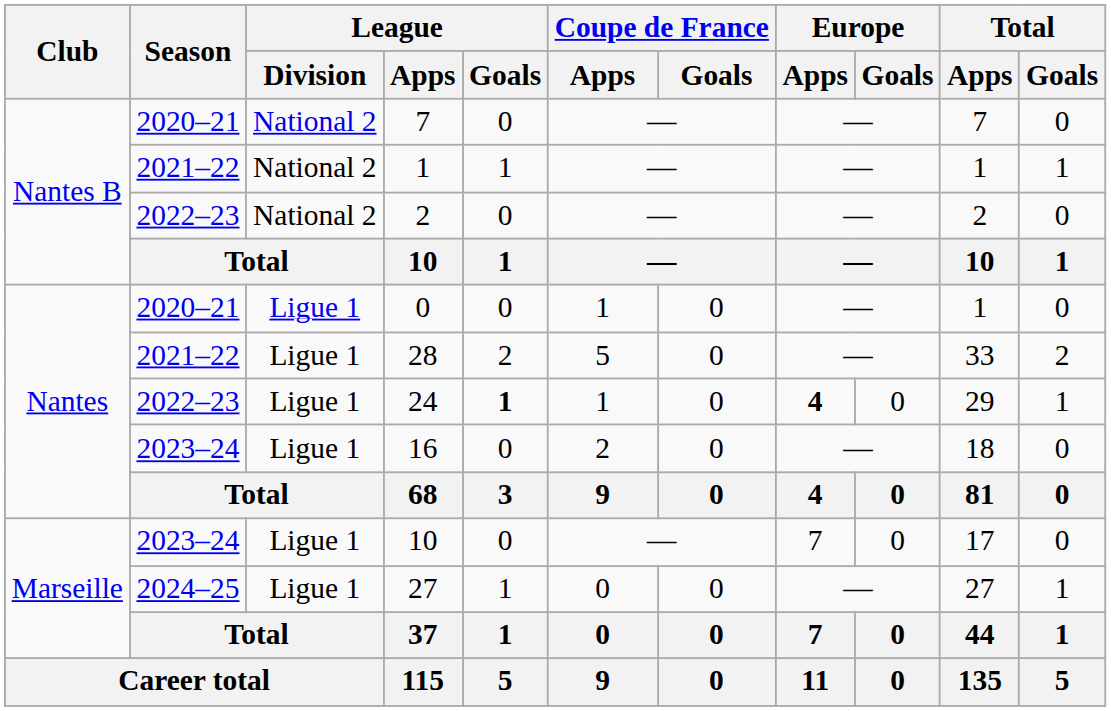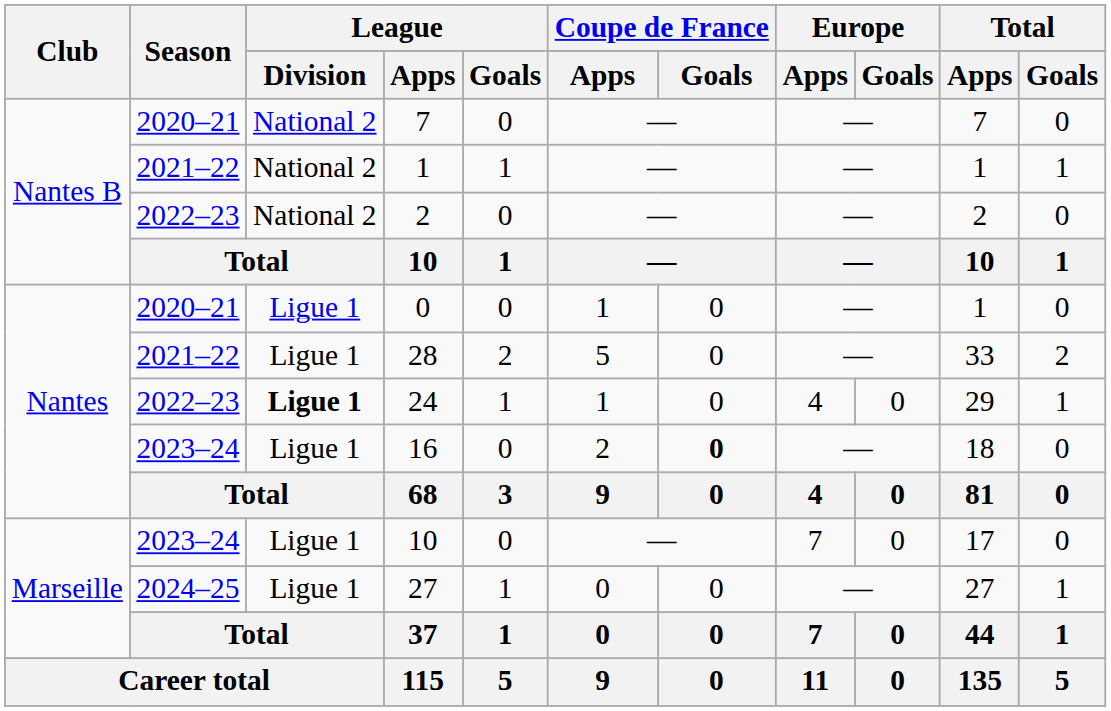 <table class="wikitable" style="text-align:center">
 <tr>
 <th rowspan="2">Club</th>
 <th rowspan="2">Season</th>
 <th colspan="3">League</th>
 <th colspan="2"><a href='#'>Coupe de France</a></th>
 <th colspan="2">Europe</th>
 <th colspan="2">Total</th>
 </tr>
 <tr>
 <th>Division</th>
 <th>Apps</th>
 <th>Goals</th>
 <th>Apps</th>
 <th>Goals</th>
 <th>Apps</th>
 <th>Goals</th>
 <th>Apps</th>
 <th>Goals</th>
 </tr>
 <tr>
 <td rowspan="4"><a href='#'>Nantes B</a></td>
 <td><a href='#'>2020–21</a></td>
 <td><a href='#'>National 2</a></td>
 <td>7</td>
 <td>0</td>
 <td colspan="2">—</td>
 <td colspan="2">—</td>
 <td>7</td>
 <td>0</td>
 </tr>
 <tr>
 <td><a href='#'>2021–22</a></td>
 <td>National 2</td>
 <td>1</td>
 <td>1</td>
 <td colspan="2">—</td>
 <td colspan="2">—</td>
 <td>1</td>
 <td>1</td>
 </tr>
 <tr>
 <td><a href='#'>2022–23</a></td>
 <td>National 2</td>
 <td>2</td>
 <td>0</td>
 <td colspan="2">—</td>
 <td colspan="2">—</td>
 <td>2</td>
 <td>0</td>
 </tr>
 <tr>
 <th colspan="2">Total</th>
 <th>10</th>
 <th>1</th>
 <th colspan="2">—</th>
 <th colspan="2">—</th>
 <th>10</th>
 <th>1</th>
 </tr>
 <tr>
 <td rowspan="5"><a href='#'>Nantes</a></td>
 <td><a href='#'>2020–21</a></td>
 <td><a href='#'>Ligue 1</a></td>
 <td>0</td>
 <td>0</td>
 <td>1</td>
 <td>0</td>
 <td colspan="2">—</td>
 <td>1</td>
 <td>0</td>
 </tr>
 <tr>
 <td><a href='#'>2021–22</a></td>
 <td>Ligue 1</td>
 <td>28</td>
 <td>2</td>
 <td>5</td>
 <td>0</td>
 <td colspan="2">—</td>
 <td>33</td>
 <td>2</td>
 </tr>
 <tr>
 <td><a href='#'>2022–23</a></td>
-<td>Ligue 1</td>
+<td><strong>Ligue 1</strong></td>
 <td>24</td>
-<td><strong>1</strong></td>
+<td>1</td>
 <td>1</td>
 <td>0</td>
-<td><strong>4</strong></td>
+<td>4</td>
 <td>0</td>
 <td>29</td>
 <td>1</td>
 </tr>
 <tr>
 <td><a href='#'>2023–24</a></td>
 <td>Ligue 1</td>
 <td>16</td>
 <td>0</td>
 <td>2</td>
-<td>0</td>
+<td><strong>0</strong></td>
 <td colspan="2">—</td>
 <td>18</td>
 <td>0</td>
 </tr>
 <tr>
 <th colspan="2">Total</th>
 <th>68</th>
 <th>3</th>
 <th>9</th>
 <th>0</th>
 <th>4</th>
 <th>0</th>
 <th>81</th>
 <th>0</th>
 </tr>
 <tr>
 <td rowspan="3"><a href='#'>Marseille</a></td>
 <td><a href='#'>2023–24</a></td>
 <td>Ligue 1</td>
 <td>10</td>
 <td>0</td>
 <td colspan="2">—</td>
 <td>7</td>
 <td>0</td>
 <td>17</td>
 <td>0</td>
 </tr>
 <tr>
 <td><a href='#'>2024–25</a></td>
 <td>Ligue 1</td>
 <td>27</td>
 <td>1</td>
 <td>0</td>
 <td>0</td>
 <td colspan="2">—</td>
 <td>27</td>
 <td>1</td>
 </tr>
 <tr>
 <th colspan="2">Total</th>
 <th>37</th>
 <th>1</th>
 <th>0</th>
 <th>0</th>
 <th>7</th>
 <th>0</th>
 <th>44</th>
 <th>1</th>
 </tr>
 <tr>
 <th colspan="3">Career total</th>
 <th>115</th>
 <th>5</th>
 <th>9</th>
 <th>0</th>
 <th>11</th>
 <th>0</th>
 <th>135</th>
 <th>5</th>
 </tr>
 </table>
